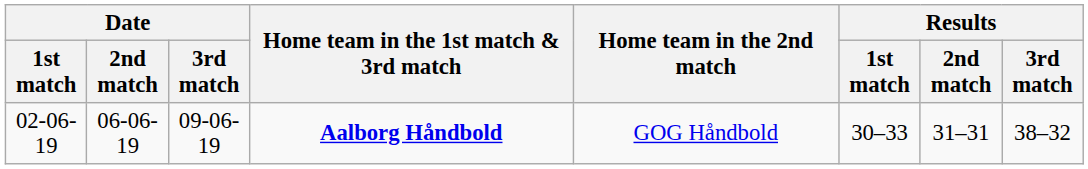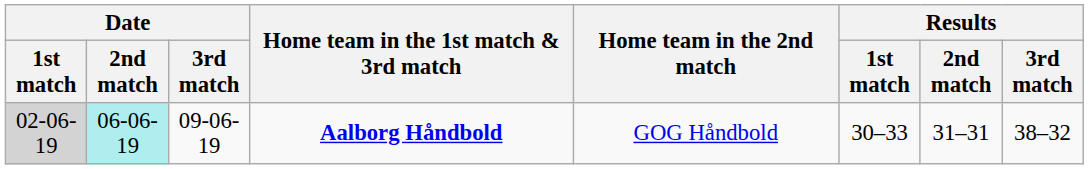 <table class="wikitable" style="text-align:center; margin-left:1em;">
 <tr>
 <th colspan="3">Date</th>
 <th rowspan="2" style="width:220px;">Home team in the 1st match & 3rd match</th>
 <th rowspan="2" style="width:180px;">Home team in the 2nd match</th>
 <th colspan="3">Results</th>
 </tr>
 <tr>
 <th style="width:50px;">1st match</th>
 <th style="width:50px;">2nd match</th>
 <th style="width:50px;">3rd match</th>
 <th style="width:50px;">1st match</th>
 <th style="width:50px;">2nd match</th>
 <th style="width:50px;">3rd match</th>
 </tr>
 <tr>
-<td>02-06-19</td>
-<td>06-06-19</td>
+<td style="background: lightgrey;">02-06-19</td>
+<td style="background: paleturquoise;">06-06-19</td>
 <td>09-06-19</td>
 <td><strong><a href='#'>Aalborg Håndbold</a></strong></td>
 <td><a href='#'>GOG Håndbold</a></td>
 <td>30–33</td>
 <td>31–31</td>
 <td>38–32</td>
 </tr>
 </table>
